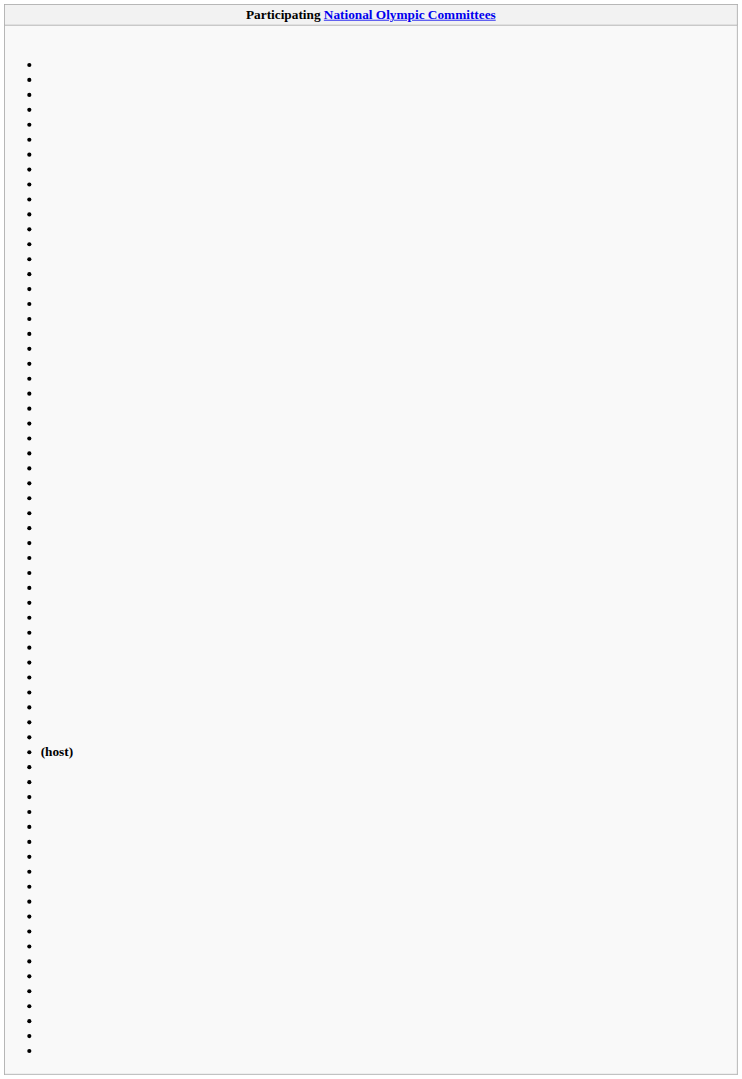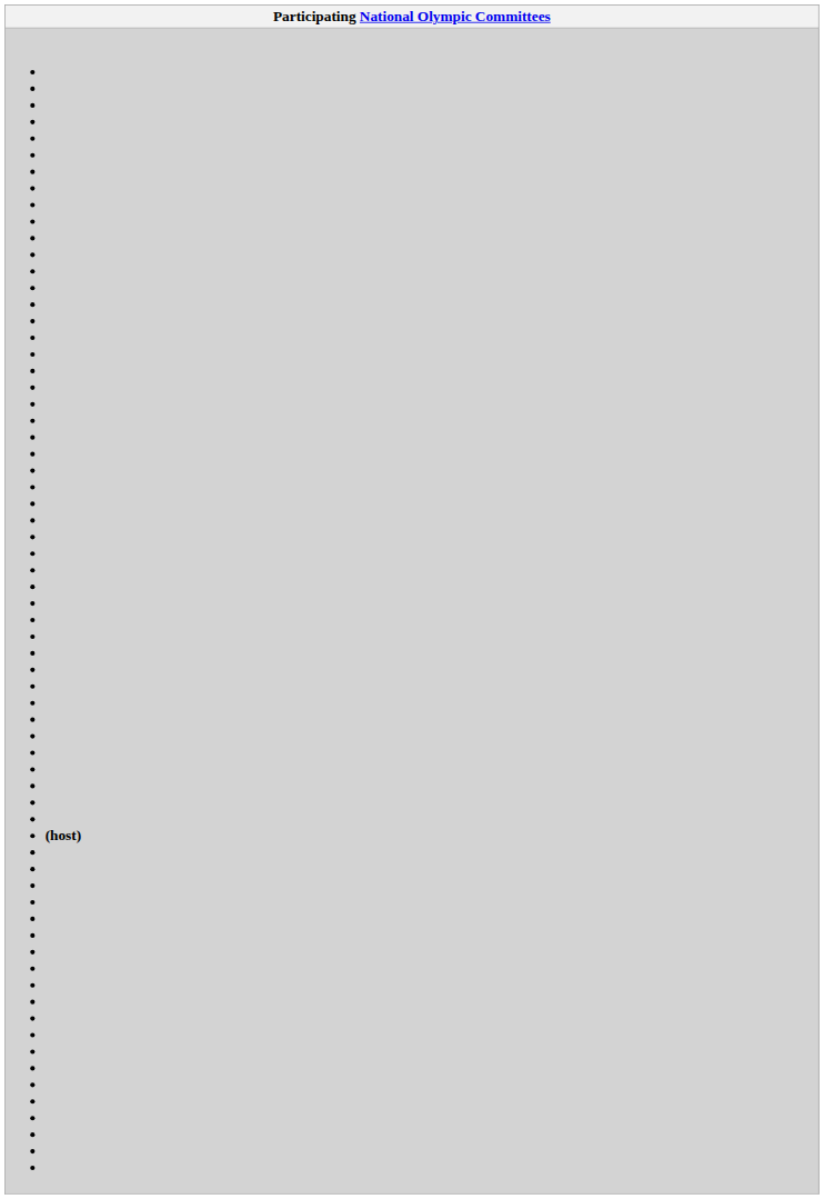 <table class="wikitable collapsible" style="width:100%;">
 <tr>
 <th>Participating <a href='#'>National Olympic Committees</a></th>
 </tr>
 <tr>
-<td><br><ul><li></li><li></li><li></li><li></li><li></li><li></li><li></li><li></li><li></li><li></li><li></li><li></li><li></li><li></li><li></li><li></li><li></li><li></li><li></li><li></li><li></li><li></li><li></li><li></li><li></li><li></li><li></li><li></li><li></li><li></li><li></li><li></li><li></li><li></li><li></li><li></li><li></li><li></li><li></li><li></li><li></li><li></li><li></li><li></li><li></li><li></li><li> <strong>(host)</strong></li><li></li><li></li><li></li><li></li><li></li><li></li><li></li><li></li><li></li><li></li><li></li><li></li><li></li><li></li><li></li><li></li><li></li><li></li><li></li><li></li></ul></td>
+<td style="background: lightgrey;"><br><ul><li></li><li></li><li></li><li></li><li></li><li></li><li></li><li></li><li></li><li></li><li></li><li></li><li></li><li></li><li></li><li></li><li></li><li></li><li></li><li></li><li></li><li></li><li></li><li></li><li></li><li></li><li></li><li></li><li></li><li></li><li></li><li></li><li></li><li></li><li></li><li></li><li></li><li></li><li></li><li></li><li></li><li></li><li></li><li></li><li></li><li></li><li> <strong>(host)</strong></li><li></li><li></li><li></li><li></li><li></li><li></li><li></li><li></li><li></li><li></li><li></li><li></li><li></li><li></li><li></li><li></li><li></li><li></li><li></li><li></li></ul></td>
 </tr>
 </table>
